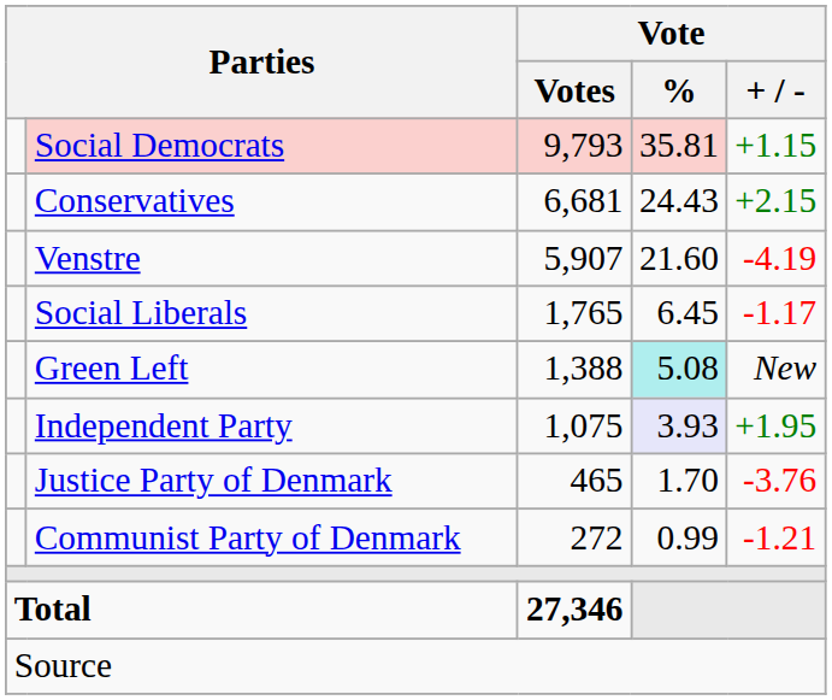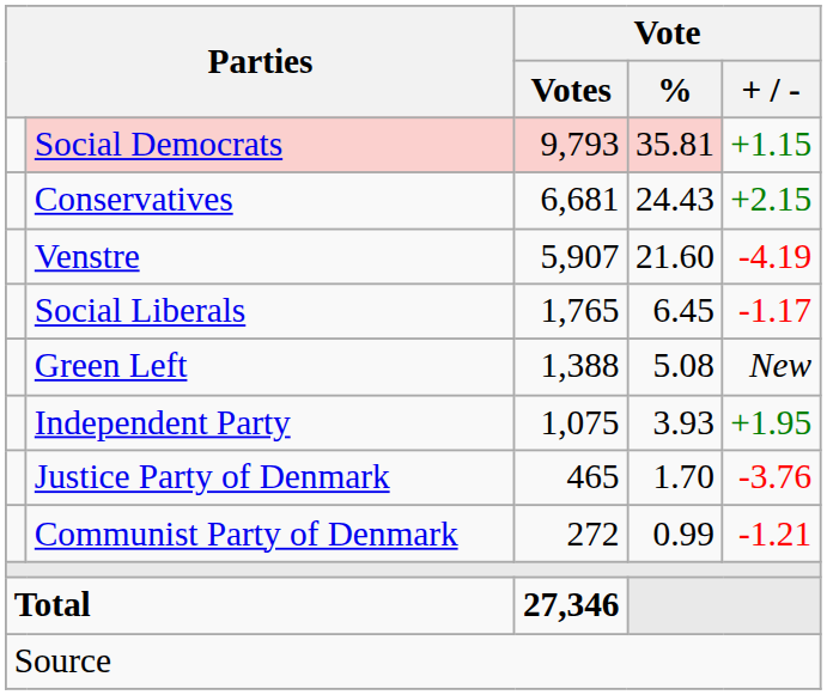 <table class="wikitable" style="text-align:right;">
 <tr>
 <th style="text-align:centre;" rowspan="2" colspan="2" width="225">Parties</th>
 <th colspan="3">Vote</th>
 </tr>
 <tr>
 <th width="15">Votes</th>
 <th width="15">%</th>
 <th width="15">+ / -</th>
 </tr>
 <tr>
 <td width="2" style="color:inherit;background:"></td>
 <td bgcolor=#fbd0ce  align="left"><a href='#'>Social Democrats</a></td>
 <td bgcolor=#fbd0ce>9,793</td>
 <td bgcolor=#fbd0ce>35.81</td>
 <td style=color:green;>+1.15</td>
 </tr>
 <tr>
 <td width="2" style="color:inherit;background:"></td>
 <td align="left"><a href='#'>Conservatives</a></td>
 <td>6,681</td>
 <td>24.43</td>
 <td style=color:green;>+2.15</td>
 </tr>
 <tr>
 <td width="2" style="color:inherit;background:"></td>
 <td align="left"><a href='#'>Venstre</a></td>
 <td>5,907</td>
 <td>21.60</td>
 <td style=color:red;>-4.19</td>
 </tr>
 <tr>
 <td width="2" style="color:inherit;background:"></td>
 <td align="left"><a href='#'>Social Liberals</a></td>
 <td>1,765</td>
 <td>6.45</td>
 <td style=color:red;>-1.17</td>
 </tr>
 <tr>
 <td width="2" style="color:inherit;background:"></td>
 <td align="left"><a href='#'>Green Left</a></td>
 <td>1,388</td>
-<td style="background: paleturquoise;">5.08</td>
+<td>5.08</td>
 <td><em>New</em></td>
 </tr>
 <tr>
 <td width="2" style="color:inherit;background:"></td>
 <td align="left"><a href='#'>Independent Party</a></td>
 <td>1,075</td>
-<td style="background: lavender;">3.93</td>
+<td>3.93</td>
 <td style=color:green;>+1.95</td>
 </tr>
 <tr>
 <td width="2" style="color:inherit;background:"></td>
 <td align="left"><a href='#'>Justice Party of Denmark</a></td>
 <td>465</td>
 <td>1.70</td>
 <td style=color:red;>-3.76</td>
 </tr>
 <tr>
 <td width="2" style="color:inherit;background:"></td>
 <td align="left"><a href='#'>Communist Party of Denmark</a></td>
 <td>272</td>
 <td>0.99</td>
 <td style=color:red;>-1.21</td>
 </tr>
 <tr>
 <td colspan="7" bgcolor="#E9E9E9"></td>
 </tr>
 <tr>
 <td align="left" colspan="2"><strong>Total</strong></td>
 <td><strong>27,346</strong></td>
 <td bgcolor="#E9E9E9" colspan="2"></td>
 </tr>
 <tr>
 <td align="left" colspan="6">Source</td>
 </tr>
 </table>
